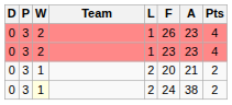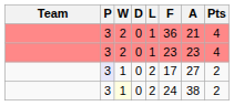 <table class="wikitable" style="text-align:center;">
 <tr>
-<th>D</th>
+<th width="120px">Team</th>
 <th>P</th>
 <th>W</th>
-<th width="120px">Team</th>
+<th>D</th>
 <th>L</th>
 <th width="23px">F</th>
 <th width="23px">A</th>
 <th width="23px">Pts</th>
 </tr>
 <tr bgcolor="#FF8888">
-<td>0</td>
+<td></td>
 <td>3</td>
 <td>2</td>
-<td></td>
+<td>0</td>
 <td>1</td>
-<td>26</td>
-<td>23</td>
+<td>36</td>
+<td>21</td>
 <td>4</td>
 </tr>
 <tr bgcolor="#FF8888">
-<td>0</td>
+<td></td>
 <td>3</td>
 <td>2</td>
-<td></td>
+<td>0</td>
 <td>1</td>
 <td>23</td>
 <td>23</td>
 <td>4</td>
 </tr>
 <tr>
+<td></td>
+<td style="background: lavender;">3</td>
+<td>1</td>
 <td>0</td>
-<td>3</td>
-<td>1</td>
-<td></td>
 <td>2</td>
-<td>20</td>
-<td>21</td>
+<td>17</td>
+<td>27</td>
 <td>2</td>
 </tr>
 <tr>
-<td>0</td>
+<td></td>
 <td>3</td>
 <td style="background: lightyellow;">1</td>
-<td></td>
+<td>0</td>
 <td>2</td>
 <td>24</td>
 <td>38</td>
 <td>2</td>
 </tr>
 </table>
